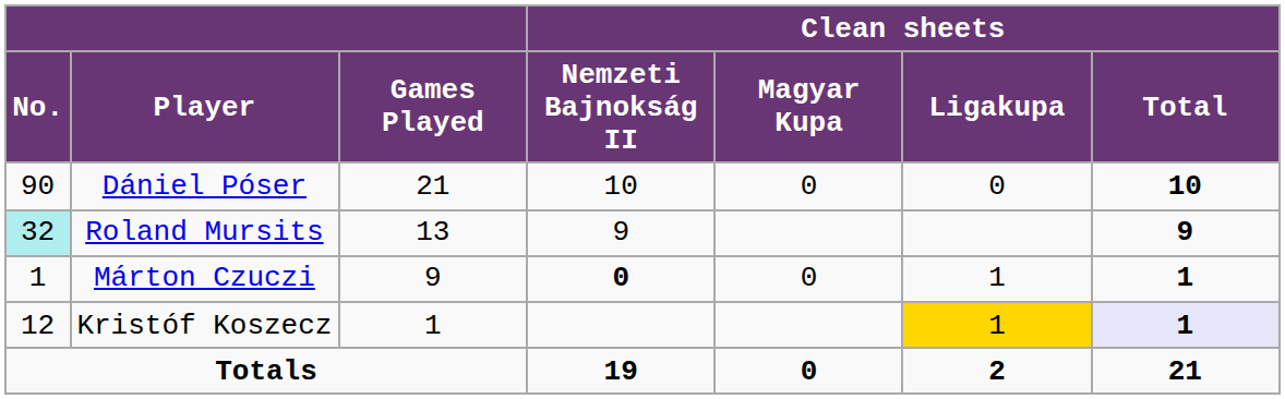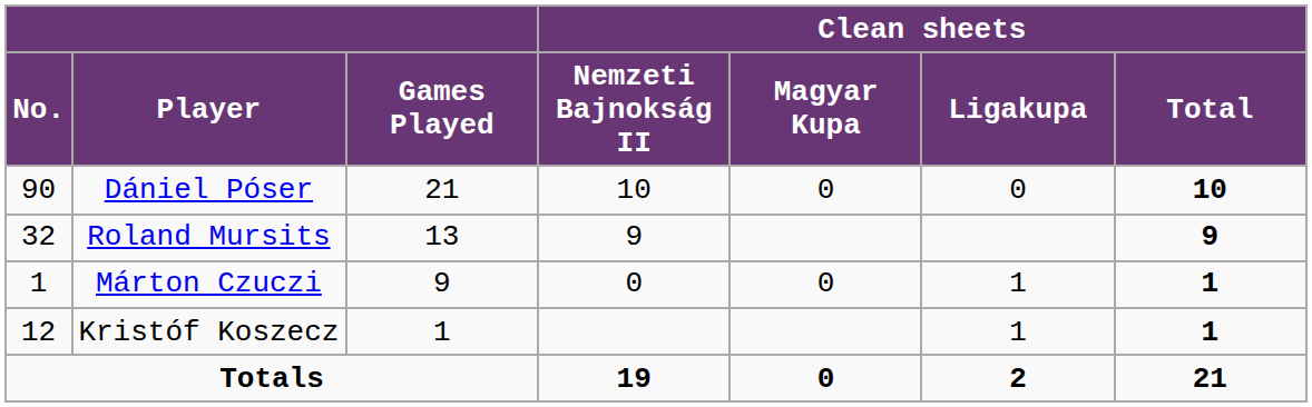 <table class="wikitable sortable alternance" style="text-align:center">
 <tr>
 <th colspan="3" style="background:#683675"></th>
 <th colspan="4" style="background:#683675; color:#FFFFFF">Clean sheets</th>
 </tr>
 <tr>
 <th style="background-color:#683675; color:#FFFFFF">No.</th>
 <th style="background-color:#683675; color:#FFFFFF">Player</th>
 <th width=80 style="background-color:#683675; color:#FFFFFF">Games Played</th>
 <th width=80 style="background-color:#683675; color:#FFFFFF">Nemzeti Bajnokság II</th>
 <th width=80 style="background-color:#683675; color:#FFFFFF">Magyar Kupa</th>
 <th width=80 style="background-color:#683675; color:#FFFFFF">Ligakupa</th>
 <th width=80 style="background-color:#683675; color:#FFFFFF">Total</th>
 </tr>
 <tr>
 <td>90</td>
 <td> <a href='#'>Dániel Póser</a></td>
 <td>21</td>
 <td>10</td>
 <td>0</td>
 <td>0</td>
 <td><strong>10</strong></td>
 </tr>
 <tr>
-<td style="background: paleturquoise;">32</td>
+<td>32</td>
 <td> <a href='#'>Roland Mursits</a></td>
 <td>13</td>
 <td>9</td>
 <td></td>
 <td></td>
 <td><strong>9</strong></td>
 </tr>
 <tr>
 <td>1</td>
 <td> <a href='#'>Márton Czuczi</a></td>
 <td>9</td>
-<td><strong>0</strong></td>
+<td>0</td>
 <td>0</td>
 <td>1</td>
 <td><strong>1</strong></td>
 </tr>
 <tr>
 <td>12</td>
 <td> Kristóf Koszecz</td>
 <td>1</td>
 <td></td>
 <td></td>
-<td style="background: gold;">1</td>
-<td style="background: lavender;"><strong>1</strong></td>
+<td>1</td>
+<td><strong>1</strong></td>
 </tr>
 <tr class="sortbottom">
 <td colspan="3"><strong>Totals</strong></td>
 <td><strong>19</strong></td>
 <td><strong>0</strong></td>
 <td><strong>2</strong></td>
 <td><strong>21</strong></td>
 </tr>
 </table>
